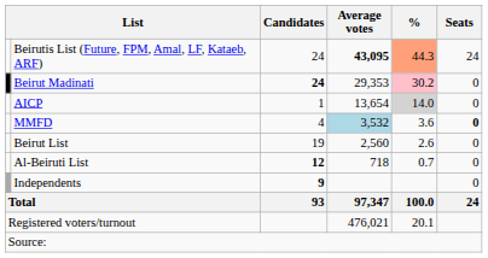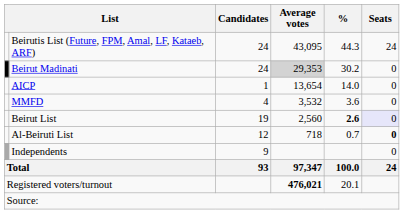 <table class="wikitable sortable" style="text-align:right">
 <tr>
 <th colspan="2" scope="col">List</th>
 <th>Candidates</th>
 <th scope="col">Average votes</th>
 <th scope="col">%</th>
 <th scope="col">Seats</th>
 </tr>
 <tr>
 <td rowspan="1" style="background-color:"></td>
 <td style="text-align:left;">Beirutis List (<a href='#'>Future</a>, <a href='#'>FPM</a>, <a href='#'>Amal</a>, <a href='#'>LF</a>, <a href='#'>Kataeb</a>, <a href='#'>ARF</a>)</td>
 <td>24</td>
-<td><strong>43,095</strong></td>
-<td style="background: lightsalmon;">44.3</td>
+<td>43,095</td>
+<td>44.3</td>
 <td>24</td>
 </tr>
 <tr>
 <td rowspan="1" style="background-color:#000000"></td>
 <td style="text-align:left;"><a href='#'>Beirut Madinati</a></td>
-<td><strong>24</strong></td>
-<td>29,353</td>
-<td style="background: pink;">30.2</td>
+<td>24</td>
+<td style="background: lightgrey;">29,353</td>
+<td>30.2</td>
 <td>0</td>
 </tr>
 <tr>
 <td rowspan="1" style="background-color:"></td>
 <td style="text-align:left;"><a href='#'>AICP</a></td>
 <td>1</td>
 <td>13,654</td>
-<td style="background: lightgrey;">14.0</td>
+<td>14.0</td>
 <td>0</td>
 </tr>
 <tr>
 <td rowspan="1" style="background-color:"></td>
 <td style="text-align:left;"><a href='#'>MMFD</a></td>
 <td>4</td>
-<td style="background: lightblue;">3,532</td>
+<td>3,532</td>
 <td>3.6</td>
-<td><strong>0</strong></td>
+<td>0</td>
 </tr>
 <tr>
 <td rowspan="1" style="background-color:"></td>
 <td style="text-align:left;">Beirut List</td>
 <td>19</td>
 <td>2,560</td>
-<td>2.6</td>
-<td>0</td>
+<td><strong>2.6</strong></td>
+<td style="background: lavender;">0</td>
 </tr>
 <tr>
 <td rowspan="1" style="background-color:"></td>
 <td style="text-align:left;">Al-Beiruti List</td>
-<td><strong>12</strong></td>
+<td>12</td>
 <td>718</td>
 <td>0.7</td>
-<td>0</td>
+<td><strong>0</strong></td>
 </tr>
 <tr>
 <td rowspan="1" style="background-color:darkgrey"></td>
 <td style="text-align:left;">Independents</td>
-<td><strong>9</strong></td>
+<td>9</td>
 <td></td>
 <td></td>
 <td>0</td>
 </tr>
 <tr>
 <th colspan="2" style="text-align:left;width:200px">Total</th>
 <th style="text-align:right;width:50px">93</th>
 <th style="text-align:right;width:75px">97,347</th>
 <th style="text-align:right;width:50px">100.0</th>
 <th style="text-align:right;width:50px">24</th>
 </tr>
 <tr>
 <td colspan="2" style="text-align:left;width:200px">Registered voters/turnout</td>
 <td></td>
-<td style="text-align:right;width:75px">476,021</td>
+<td style="text-align:right;width:75px"><strong>476,021</strong></td>
 <td style="text-align:right;width:50px">20.1</td>
 <td style="text-align:right;width:50px"></td>
 </tr>
 <tr>
 <td colspan="6" style="text-align:left;">Source: </td>
 </tr>
 </table>
